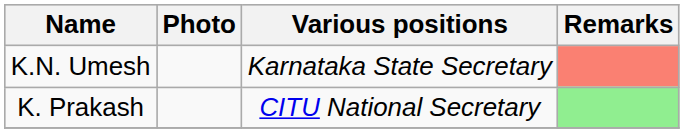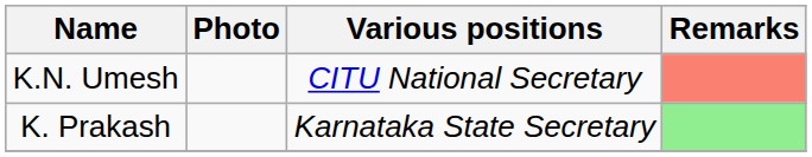 <table class="wikitable sortable" style="text-align:center">
 <tr>
 <th Style="background-color:">Name</th>
 <th Style="background-color:">Photo</th>
 <th Style="background-color:">Various positions</th>
 <th Style="background-color:">Remarks</th>
 </tr>
 <tr>
 <td>K.N. Umesh</td>
 <td></td>
-<td><em>Karnataka State Secretary</em></td>
+<td><em><a href='#'>CITU</a> National Secretary</em></td>
 <td bgcolor = Salmon></td>
 </tr>
 <tr>
 <td>K. Prakash</td>
 <td></td>
-<td><em><a href='#'>CITU</a> National Secretary</em></td>
+<td><em>Karnataka State Secretary</em></td>
 <td bgcolor = LightGreen></td>
 </tr>
 <tr>
 </tr>
 </table>
